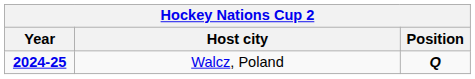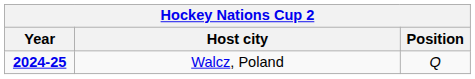 <table class="wikitable" style="text-align: center;">
 <tr>
 <th colspan=3 style="background-color: ;"><a href='#'>Hockey Nations Cup 2</a></th>
 </tr>
 <tr>
 <th style="width: 70px;">Year</th>
 <th style="width: 350px;">Host city</th>
 <th style="width: 70px;">Position</th>
 </tr>
 <tr>
 <td><strong><a href='#'>2024-25</a></strong></td>
 <td> <a href='#'>Walcz</a>, Poland</td>
-<td><strong><em>Q</em></strong></td>
+<td><em>Q</em></td>
 </tr>
 </table>
